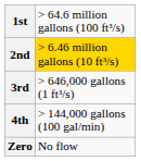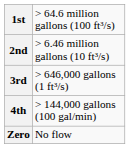 <table class="wikitable">
 <tr>
 <th scope="col" style="width:10px;">1st</th>
 <td style="width:125px;">> 64.6 million gallons (100 ft³/s)</td>
 </tr>
 <tr>
 <th scope="col">2nd</th>
-<td style="background: gold;">> 6.46 million gallons (10 ft³/s)</td>
+<td>> 6.46 million gallons (10 ft³/s)</td>
 </tr>
 <tr>
 <th scope="col">3rd</th>
 <td>> 646,000 gallons (1 ft³/s)</td>
 </tr>
 <tr>
 <th scope="col">4th</th>
 <td>> 144,000 gallons (100 gal/min)</td>
 </tr>
 <tr>
 <th scope="col">Zero</th>
 <td>No flow</td>
 </tr>
 </table>
